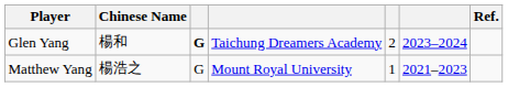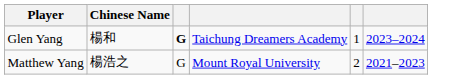 <table class="wikitable sortable" style="font-size:95%; text-align:left;">
 <tr>
 <th>Player</th>
 <th>Chinese Name</th>
 <th></th>
 <th></th>
 <th></th>
 <th></th>
-<th>Ref.</th>
 </tr>
 <tr>
 <td>Glen Yang</td>
 <td>楊和</td>
 <td align="center"><strong>G</strong></td>
 <td><a href='#'>Taichung Dreamers Academy</a></td>
-<td align="center">2</td>
+<td align="center">1</td>
 <td align="center"><a href='#'>2023–2024</a></td>
-<td></td>
 </tr>
 <tr>
 <td>Matthew Yang</td>
 <td>楊浩之</td>
 <td align="center">G</td>
 <td><a href='#'>Mount Royal University</a></td>
-<td align="center">1</td>
+<td align="center">2</td>
 <td align="center"><a href='#'>2021</a>–<a href='#'>2023</a></td>
-<td></td>
 </tr>
 </table>
